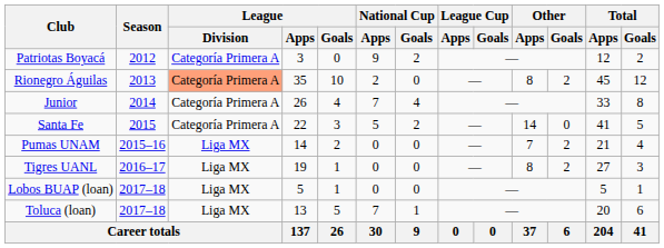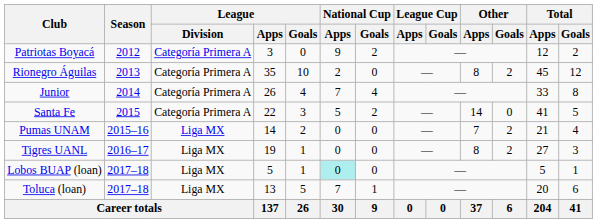 <table class="wikitable" style="font-size:90%; text-align: center">
 <tr>
 <th rowspan=2>Club</th>
 <th rowspan=2>Season</th>
 <th colspan=3>League</th>
 <th colspan=2>National Cup</th>
 <th colspan=2>League Cup</th>
 <th colspan=2>Other</th>
 <th colspan=2>Total</th>
 </tr>
 <tr>
 <th>Division</th>
 <th>Apps</th>
 <th>Goals</th>
 <th>Apps</th>
 <th>Goals</th>
 <th>Apps</th>
 <th>Goals</th>
 <th>Apps</th>
 <th>Goals</th>
 <th>Apps</th>
 <th>Goals</th>
 </tr>
 <tr>
 <td><a href='#'>Patriotas Boyacá</a></td>
 <td><a href='#'>2012</a></td>
 <td><a href='#'>Categoría Primera A</a></td>
 <td>3</td>
 <td>0</td>
 <td>9</td>
 <td>2</td>
 <td colspan=4>—</td>
 <td>12</td>
 <td>2</td>
 </tr>
 <tr>
 <td><a href='#'>Rionegro Águilas</a></td>
 <td><a href='#'>2013</a></td>
-<td style="background: lightsalmon;">Categoría Primera A</td>
+<td>Categoría Primera A</td>
 <td>35</td>
 <td>10</td>
 <td>2</td>
 <td>0</td>
 <td colspan=2>—</td>
 <td>8</td>
 <td>2</td>
 <td>45</td>
 <td>12</td>
 </tr>
 <tr>
 <td><a href='#'>Junior</a></td>
 <td><a href='#'>2014</a></td>
 <td>Categoría Primera A</td>
 <td>26</td>
 <td>4</td>
 <td>7</td>
 <td>4</td>
 <td colspan=4>—</td>
 <td>33</td>
 <td>8</td>
 </tr>
 <tr>
 <td><a href='#'>Santa Fe</a></td>
 <td><a href='#'>2015</a></td>
 <td>Categoría Primera A</td>
 <td>22</td>
 <td>3</td>
 <td>5</td>
 <td>2</td>
 <td colspan=2>—</td>
 <td>14</td>
 <td>0</td>
 <td>41</td>
 <td>5</td>
 </tr>
 <tr>
 <td><a href='#'>Pumas UNAM</a></td>
 <td><a href='#'>2015–16</a></td>
 <td><a href='#'>Liga MX</a></td>
 <td>14</td>
 <td>2</td>
 <td>0</td>
 <td>0</td>
 <td colspan=2>—</td>
 <td>7</td>
 <td>2</td>
 <td>21</td>
 <td>4</td>
 </tr>
 <tr>
 <td><a href='#'>Tigres UANL</a></td>
 <td><a href='#'>2016–17</a></td>
 <td>Liga MX</td>
 <td>19</td>
 <td>1</td>
 <td>0</td>
 <td>0</td>
 <td colspan=2>—</td>
 <td>8</td>
 <td>2</td>
 <td>27</td>
 <td>3</td>
 </tr>
 <tr>
 <td><a href='#'>Lobos BUAP</a> (loan)</td>
 <td><a href='#'>2017–18</a></td>
 <td>Liga MX</td>
 <td>5</td>
 <td>1</td>
-<td>0</td>
+<td style="background: paleturquoise;">0</td>
 <td>0</td>
 <td colspan=4>—</td>
 <td>5</td>
 <td>1</td>
 </tr>
 <tr>
 <td><a href='#'>Toluca</a> (loan)</td>
 <td><a href='#'>2017–18</a></td>
 <td>Liga MX</td>
 <td>13</td>
 <td>5</td>
 <td>7</td>
 <td>1</td>
 <td colspan=4>—</td>
 <td>20</td>
 <td>6</td>
 </tr>
 <tr>
 <th colspan=3>Career totals</th>
 <th>137</th>
 <th>26</th>
 <th>30</th>
 <th>9</th>
 <th>0</th>
 <th>0</th>
 <th>37</th>
 <th>6</th>
 <th>204</th>
 <th>41</th>
 </tr>
 </table>
